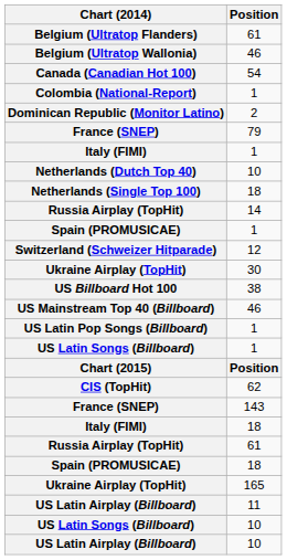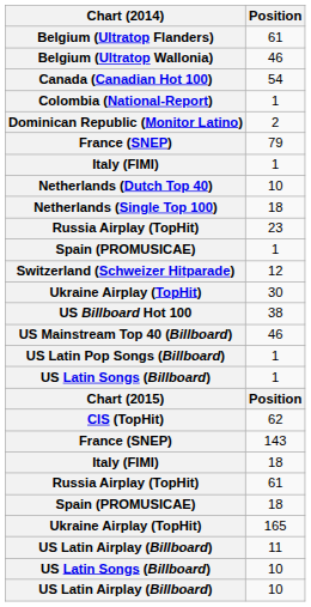 <table class="wikitable sortable plainrowheaders">
 <tr>
 <th>Chart (2014)</th>
 <th>Position</th>
 </tr>
 <tr>
 <th scope=row>Belgium (<a href='#'>Ultratop</a> Flanders)</th>
 <td style="text-align:center;">61</td>
 </tr>
 <tr>
 <th scope=row>Belgium (<a href='#'>Ultratop</a> Wallonia)</th>
 <td style="text-align:center;">46</td>
 </tr>
 <tr>
 <th scope=row>Canada (<a href='#'>Canadian Hot 100</a>)</th>
 <td style="text-align:center;">54</td>
 </tr>
 <tr>
 <th scope=row>Colombia (<a href='#'>National-Report</a>)</th>
 <td style="text-align:center;">1</td>
 </tr>
 <tr>
 <th scope=row>Dominican Republic (<a href='#'>Monitor Latino</a>)</th>
 <td style="text-align:center;">2</td>
 </tr>
 <tr>
 <th scope=row>France (<a href='#'>SNEP</a>)</th>
 <td style="text-align:center;">79</td>
 </tr>
 <tr>
 <th scope=row>Italy (FIMI)</th>
 <td style="text-align:center;">1</td>
 </tr>
 <tr>
 <th scope=row>Netherlands (<a href='#'>Dutch Top 40</a>)</th>
 <td style="text-align:center;">10</td>
 </tr>
 <tr>
 <th scope=row>Netherlands (<a href='#'>Single Top 100</a>)</th>
 <td style="text-align:center;">18</td>
 </tr>
 <tr>
 <th scope="row">Russia Airplay (TopHit)</th>
-<td style="text-align:center;">14</td>
+<td style="text-align:center;">23</td>
 </tr>
 <tr>
 <th scope="row">Spain (PROMUSICAE)</th>
 <td style="text-align:center;">1</td>
 </tr>
 <tr>
 <th scope=row>Switzerland (<a href='#'>Schweizer Hitparade</a>)</th>
 <td style="text-align:center;">12</td>
 </tr>
 <tr>
 <th scope="row">Ukraine Airplay (<a href='#'>TopHit</a>)</th>
 <td style="text-align:center;">30</td>
 </tr>
 <tr>
 <th scope="row">US <em>Billboard</em> Hot 100</th>
 <td style="text-align:center;">38</td>
 </tr>
 <tr>
 <th scope="row">US Mainstream Top 40 (<em>Billboard</em>)</th>
 <td style="text-align:center;">46</td>
 </tr>
 <tr>
 <th scope=row>US Latin Pop Songs (<em>Billboard</em>)</th>
 <td style="text-align:center;">1</td>
 </tr>
 <tr>
 <th scope=row>US <a href='#'>Latin Songs</a> (<em>Billboard</em>)</th>
 <td style="text-align:center;">1</td>
 </tr>
 <tr>
 <th>Chart (2015)</th>
 <th>Position</th>
 </tr>
 <tr>
 <th scope="row"><a href='#'>CIS</a> (TopHit)</th>
 <td style="text-align:center;">62</td>
 </tr>
 <tr>
 <th scope="row">France (SNEP)</th>
 <td style="text-align:center;">143</td>
 </tr>
 <tr>
 <th scope="row">Italy (FIMI)</th>
 <td style="text-align:center;">18</td>
 </tr>
 <tr>
 <th scope="row">Russia Airplay (TopHit)</th>
 <td style="text-align:center;">61</td>
 </tr>
 <tr>
 <th scope="row">Spain (PROMUSICAE)</th>
 <td style="text-align:center;">18</td>
 </tr>
 <tr>
 <th scope="row">Ukraine Airplay (TopHit)</th>
 <td style="text-align:center;">165</td>
 </tr>
 <tr>
 <th scope=row>US Latin Airplay (<em>Billboard</em>)</th>
 <td style="text-align:center;">11</td>
 </tr>
 <tr>
 <th scope=row>US <a href='#'>Latin Songs</a> (<em>Billboard</em>)</th>
 <td style="text-align:center;">10</td>
 </tr>
 <tr>
 <th scope=row>US Latin Airplay (<em>Billboard</em>)</th>
 <td style="text-align:center;">10</td>
 </tr>
 </table>
